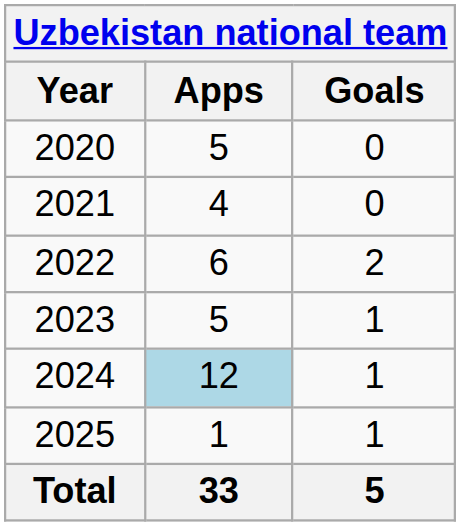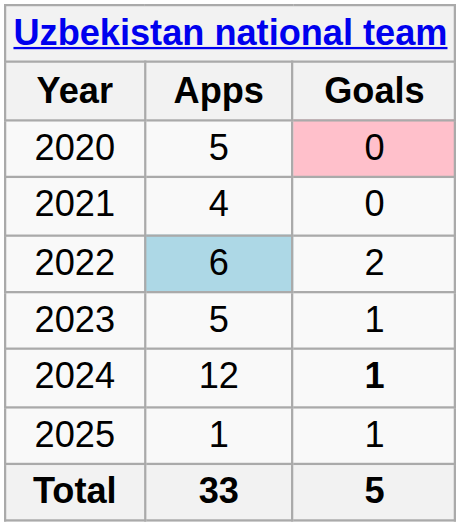 <table class="wikitable" style="text-align:center">
 <tr>
 <th colspan=3><a href='#'>Uzbekistan national team</a></th>
 </tr>
 <tr>
 <th>Year</th>
 <th>Apps</th>
 <th>Goals</th>
 </tr>
 <tr>
 <td>2020</td>
 <td>5</td>
-<td>0</td>
+<td style="background: pink;">0</td>
 </tr>
 <tr>
 <td>2021</td>
 <td>4</td>
 <td>0</td>
 </tr>
 <tr>
 <td>2022</td>
-<td>6</td>
+<td style="background: lightblue;">6</td>
 <td>2</td>
 </tr>
 <tr>
 <td>2023</td>
 <td>5</td>
 <td>1</td>
 </tr>
 <tr>
 <td>2024</td>
-<td style="background: lightblue;">12</td>
-<td>1</td>
+<td>12</td>
+<td><strong>1</strong></td>
 </tr>
 <tr>
 <td>2025</td>
 <td>1</td>
 <td>1</td>
 </tr>
 <tr>
 <th>Total</th>
 <th>33</th>
 <th>5</th>
 </tr>
 </table>
